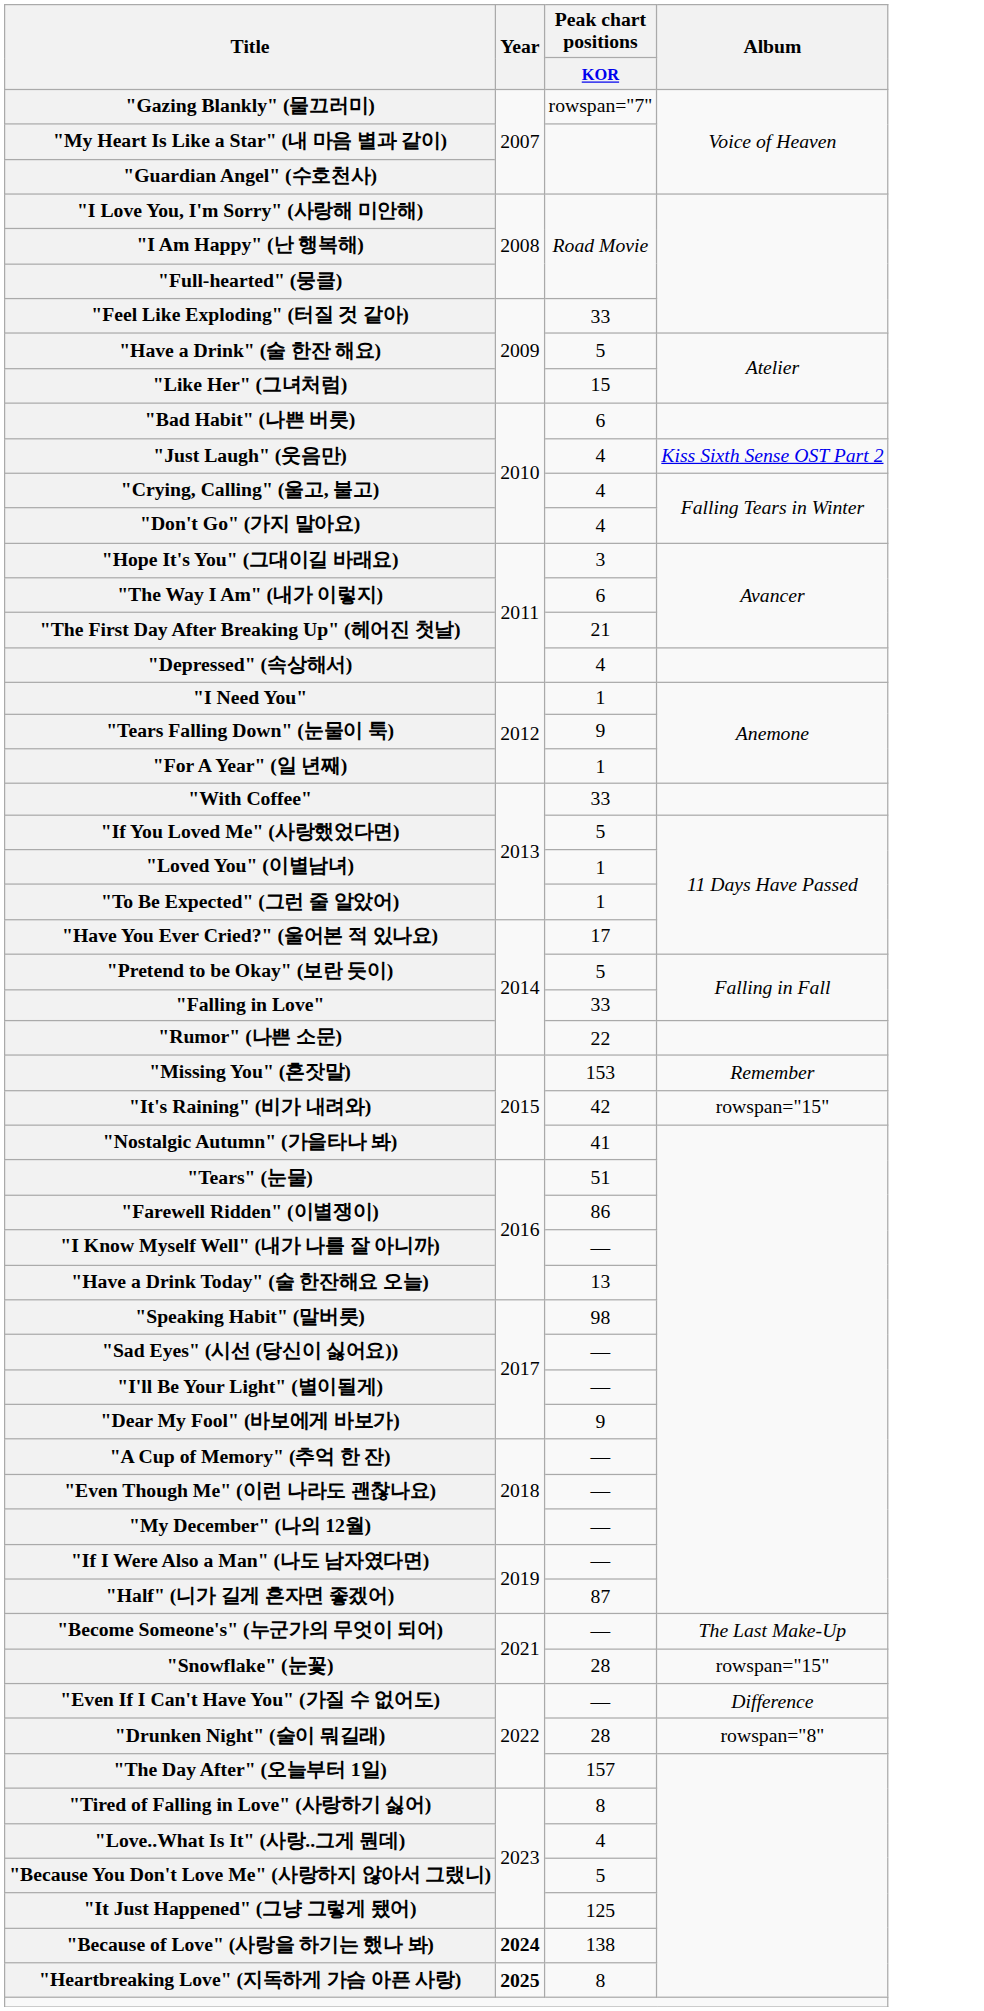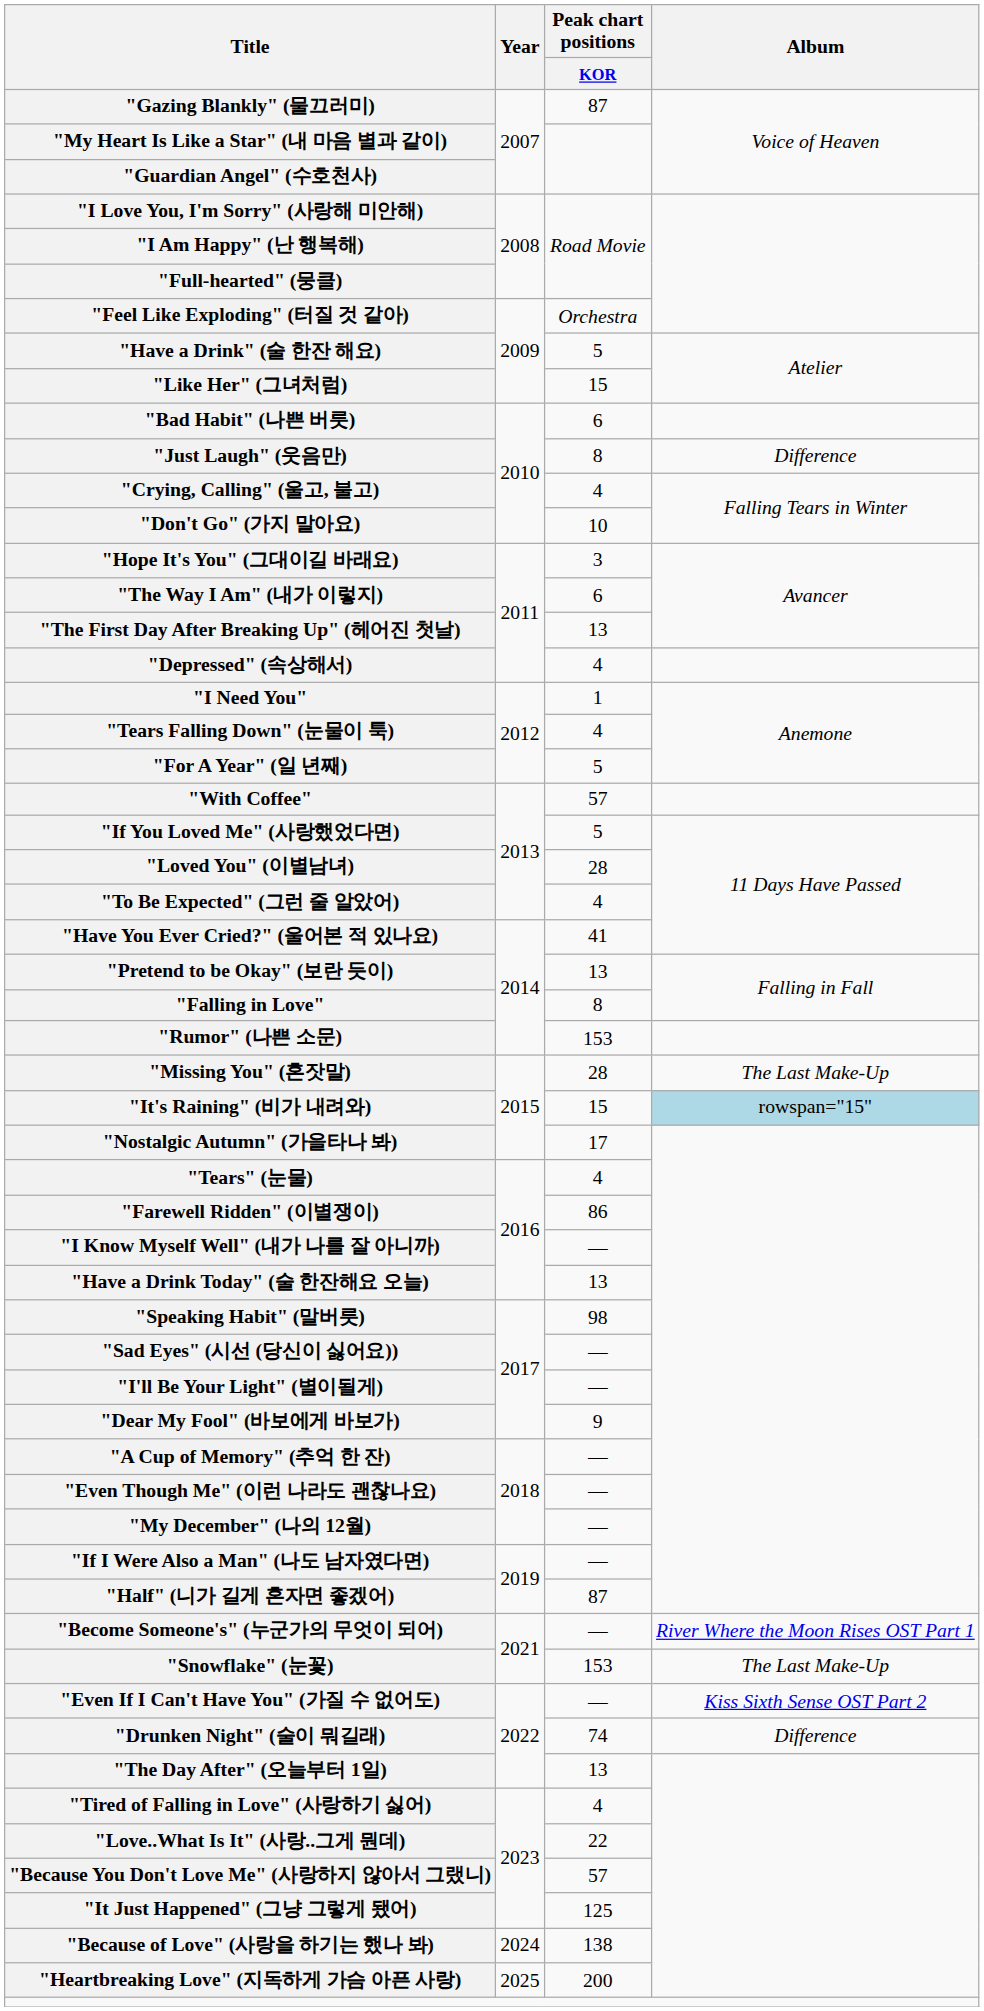 <table class="wikitable plainrowheaders" style="text-align:center;">
 <tr>
 <th scope="col" rowspan="2">Title</th>
 <th scope="col" rowspan="2">Year</th>
 <th scope="col" colspan="1" style="width:5em;">Peak chart positions</th>
 <th scope="col" rowspan="2">Album</th>
 </tr>
 <tr>
 <th><small><a href='#'>KOR</a></small><br></th>
 </tr>
 <tr>
 <th scope="row">"Gazing Blankly" (물끄러미)</th>
 <td rowspan="3">2007</td>
-<td>rowspan="7" </td>
+<td>87</td>
 <td rowspan="3"><em>Voice of Heaven</em></td>
 </tr>
 <tr>
 <th scope="row">"My Heart Is Like a Star" (내 마음 별과 같이)<br></th>
 </tr>
 <tr>
 <th scope="row">"Guardian Angel" (수호천사)</th>
 </tr>
 <tr>
 <th scope="row">"I Love You, I'm Sorry" (사랑해 미안해)</th>
 <td rowspan="3">2008</td>
 <td rowspan="3"><em>Road Movie</em></td>
 </tr>
 <tr>
 <th scope="row">"I Am Happy" (난 행복해)</th>
 </tr>
 <tr>
 <th scope="row">"Full-hearted" (뭉클)</th>
 </tr>
 <tr>
 <th scope="row">"Feel Like Exploding" (터질 것 같아)</th>
 <td rowspan="3">2009</td>
-<td>33</td>
+<td><em>Orchestra</em></td>
 </tr>
 <tr>
 <th scope="row">"Have a Drink" (술 한잔 해요)</th>
 <td>5</td>
 <td rowspan="2"><em>Atelier</em></td>
 </tr>
 <tr>
 <th scope="row">"Like Her" (그녀처럼)</th>
 <td>15</td>
 </tr>
 <tr>
 <th scope="row">"Bad Habit" (나쁜 버릇)</th>
 <td rowspan="4">2010</td>
 <td>6</td>
 <td></td>
 </tr>
 <tr>
 <th scope="row">"Just Laugh" (웃음만)</th>
-<td>4</td>
-<td><em><a href='#'>Kiss Sixth Sense OST Part 2</a></em></td>
+<td>8</td>
+<td><em>Difference</em></td>
 </tr>
 <tr>
 <th scope="row">"Crying, Calling" (울고, 불고)<br></th>
 <td>4</td>
 <td rowspan="2"><em>Falling Tears in Winter</em></td>
 </tr>
 <tr>
 <th scope="row">"Don't Go" (가지 말아요)</th>
-<td>4</td>
+<td>10</td>
 </tr>
 <tr>
 <th scope="row">"Hope It's You" (그대이길 바래요)<br></th>
 <td rowspan="4">2011</td>
 <td>3</td>
 <td rowspan="3"><em>Avancer</em></td>
 </tr>
 <tr>
 <th scope="row">"The Way I Am" (내가 이렇지)<br></th>
 <td>6</td>
 </tr>
 <tr>
 <th scope="row">"The First Day After Breaking Up" (헤어진 첫날)</th>
-<td>21</td>
+<td>13</td>
 </tr>
 <tr>
 <th scope="row">"Depressed" (속상해서)</th>
 <td>4</td>
 <td></td>
 </tr>
 <tr>
 <th scope="row">"I Need You"<br></th>
 <td rowspan="3">2012</td>
 <td>1</td>
 <td rowspan="3"><em>Anemone</em></td>
 </tr>
 <tr>
 <th scope="row">"Tears Falling Down" (눈물이 툭)<br></th>
-<td>9</td>
+<td>4</td>
 </tr>
 <tr>
 <th scope="row">"For A Year" (일 년째)</th>
-<td>1</td>
+<td>5</td>
 </tr>
 <tr>
 <th scope="row">"With Coffee"<br></th>
 <td rowspan="4">2013</td>
-<td>33</td>
+<td>57</td>
 <td></td>
 </tr>
 <tr>
 <th scope="row">"If You Loved Me" (사랑했었다면)<br></th>
 <td>5</td>
 <td rowspan="4"><em>11 Days Have Passed</em></td>
 </tr>
 <tr>
 <th scope="row">"Loved You" (이별남녀)<br></th>
-<td>1</td>
+<td>28</td>
 </tr>
 <tr>
 <th scope="row">"To Be Expected" (그런 줄 알았어)</th>
-<td>1</td>
+<td>4</td>
 </tr>
 <tr>
 <th scope="row">"Have You Ever Cried?" (울어본 적 있나요)</th>
 <td rowspan="4">2014</td>
-<td>17</td>
+<td>41</td>
 </tr>
 <tr>
 <th scope="row">"Pretend to be Okay" (보란 듯이)</th>
-<td>5</td>
+<td>13</td>
 <td rowspan="2"><em>Falling in Fall</em></td>
 </tr>
 <tr>
 <th scope="row">"Falling in Love"<br></th>
-<td>33</td>
+<td>8</td>
 </tr>
 <tr>
 <th scope="row">"Rumor" (나쁜 소문)</th>
-<td>22</td>
+<td>153</td>
 <td></td>
 </tr>
 <tr>
 <th scope="row">"Missing You" (혼잣말)<br></th>
 <td rowspan="3">2015</td>
-<td>153</td>
-<td><em>Remember</em></td>
+<td>28</td>
+<td><em>The Last Make-Up</em></td>
 </tr>
 <tr>
 <th scope="row">"It's Raining" (비가 내려와)<br></th>
-<td>42</td>
-<td>rowspan="15" </td>
+<td>15</td>
+<td style="background: lightblue;">rowspan="15" </td>
 </tr>
 <tr>
 <th scope="row">"Nostalgic Autumn" (가을타나 봐)<br></th>
-<td>41</td>
+<td>17</td>
 </tr>
 <tr>
 <th scope="row">"Tears" (눈물)</th>
 <td rowspan="4">2016</td>
-<td>51</td>
+<td>4</td>
 </tr>
 <tr>
 <th scope="row">"Farewell Ridden" (이별쟁이)</th>
 <td>86</td>
 </tr>
 <tr>
 <th scope="row">"I Know Myself Well" (내가 나를 잘 아니까)</th>
 <td>—</td>
 </tr>
 <tr>
 <th scope="row">"Have a Drink Today" (술 한잔해요 오늘)</th>
 <td>13</td>
 </tr>
 <tr>
 <th scope="row">"Speaking Habit" (말버릇)<br></th>
 <td rowspan="4">2017</td>
 <td>98</td>
 </tr>
 <tr>
 <th scope="row">"Sad Eyes" (시선 (당신이 싫어요))</th>
 <td>—</td>
 </tr>
 <tr>
 <th scope="row">"I'll Be Your Light" (별이될게)<br></th>
 <td>—</td>
 </tr>
 <tr>
 <th scope="row">"Dear My Fool" (바보에게 바보가)</th>
 <td>9</td>
 </tr>
 <tr>
 <th scope="row">"A Cup of Memory" (추억 한 잔)<br></th>
 <td rowspan="3">2018</td>
 <td>—</td>
 </tr>
 <tr>
 <th scope="row">"Even Though Me" (이런 나라도 괜찮나요)</th>
 <td>—</td>
 </tr>
 <tr>
 <th scope="row">"My December" (나의 12월)</th>
 <td>—</td>
 </tr>
 <tr>
 <th scope="row">"If I Were Also a Man" (나도 남자였다면)</th>
 <td rowspan="2">2019</td>
 <td>—</td>
 </tr>
 <tr>
 <th scope="row">"Half" (니가 길게 혼자면 좋겠어)</th>
 <td>87</td>
 </tr>
 <tr>
 <th scope="row">"Become Someone's" (누군가의 무엇이 되어)</th>
 <td rowspan="2">2021</td>
 <td>—</td>
-<td><em>The Last Make-Up</em></td>
+<td><em><a href='#'>River Where the Moon Rises OST Part 1</a> </em></td>
 </tr>
 <tr>
 <th scope="row">"Snowflake" (눈꽃)</th>
-<td>28</td>
-<td>rowspan="15" </td>
+<td>153</td>
+<td><em>The Last Make-Up</em></td>
 </tr>
 <tr>
 <th scope="row">"Even If I Can't Have You" (가질 수 없어도)</th>
 <td rowspan="3">2022</td>
 <td>—</td>
+<td><em><a href='#'>Kiss Sixth Sense OST Part 2</a></em></td>
+</tr>
+<tr>
+<th scope="row">"Drunken Night" (술이 뭐길래)<br></th>
+<td>74</td>
 <td><em>Difference</em></td>
 </tr>
 <tr>
-<th scope="row">"Drunken Night" (술이 뭐길래)<br></th>
-<td>28</td>
-<td>rowspan="8" </td>
-</tr>
-<tr>
 <th scope="row">"The Day After" (오늘부터 1일)<br></th>
-<td>157</td>
+<td>13</td>
 </tr>
 <tr>
 <th scope="row">"Tired of Falling in Love" (사랑하기 싫어)</th>
 <td rowspan="4">2023</td>
-<td>8</td>
+<td>4</td>
 </tr>
 <tr>
 <th scope="row">"Love..What Is It" (사랑..그게 뭔데)</th>
-<td>4</td>
+<td>22</td>
 </tr>
 <tr>
 <th scope="row">"Because You Don't Love Me" (사랑하지 않아서 그랬니)</th>
-<td>5</td>
+<td>57</td>
 </tr>
 <tr>
 <th scope="row">"It Just Happened" (그냥 그렇게 됐어)</th>
 <td>125</td>
 </tr>
 <tr>
 <th scope="row">"Because of Love" (사랑을 하기는 했나 봐)<br></th>
-<td><strong>2024</strong></td>
+<td>2024</td>
 <td>138</td>
 </tr>
 <tr>
 <th scope="row">"Heartbreaking Love" (지독하게 가슴 아픈 사랑)</th>
-<td><strong>2025</strong></td>
-<td>8</td>
+<td>2025</td>
+<td>200</td>
 </tr>
 <tr>
 <td colspan="4"></td>
 </tr>
 </table>
